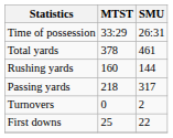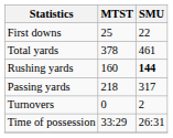 <table class="wikitable">
 <tr>
 <th>Statistics</th>
 <th>MTST</th>
 <th>SMU</th>
 </tr>
 <tr>
-<td>Time of possession</td>
-<td>33:29</td>
-<td>26:31</td>
+<td>First downs</td>
+<td>25</td>
+<td>22</td>
 </tr>
 <tr>
 <td>Total yards</td>
 <td>378</td>
 <td>461</td>
 </tr>
 <tr>
 <td>Rushing yards</td>
 <td>160</td>
-<td>144</td>
+<td><strong>144</strong></td>
 </tr>
 <tr>
 <td>Passing yards</td>
 <td>218</td>
 <td>317</td>
 </tr>
 <tr>
 <td>Turnovers</td>
 <td>0</td>
 <td>2</td>
 </tr>
 <tr>
-<td>First downs</td>
-<td>25</td>
-<td>22</td>
+<td>Time of possession</td>
+<td>33:29</td>
+<td>26:31</td>
 </tr>
 <tr>
 </tr>
 </table>
